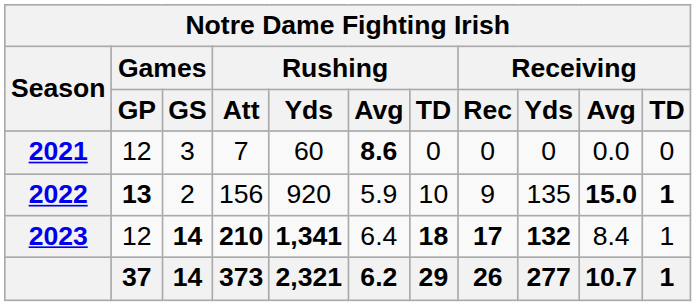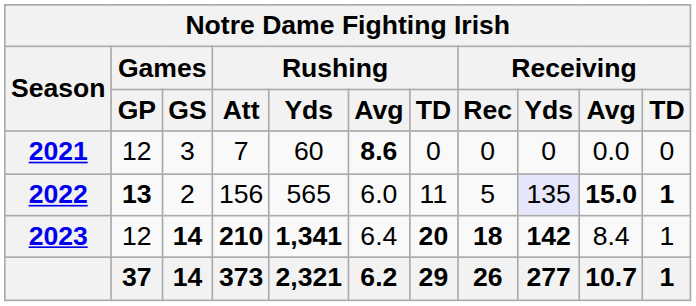 <table class="wikitable" style="text-align:center;">
 <tr>
 <th colspan="15">Notre Dame Fighting Irish</th>
 </tr>
 <tr>
 <th rowspan="2">Season</th>
 <th colspan="2">Games</th>
 <th colspan="4">Rushing</th>
 <th colspan="4">Receiving</th>
 </tr>
 <tr>
 <th>GP</th>
 <th>GS</th>
 <th>Att</th>
 <th>Yds</th>
 <th>Avg</th>
 <th>TD</th>
 <th>Rec</th>
 <th>Yds</th>
 <th>Avg</th>
 <th>TD</th>
 </tr>
 <tr>
 <th><a href='#'>2021</a></th>
 <td>12</td>
 <td>3</td>
 <td>7</td>
 <td>60</td>
 <td><strong>8.6</strong></td>
 <td>0</td>
 <td>0</td>
 <td>0</td>
 <td>0.0</td>
 <td>0</td>
 </tr>
 <tr>
 <th><a href='#'>2022</a></th>
 <td><strong>13</strong></td>
 <td>2</td>
 <td>156</td>
-<td>920</td>
-<td>5.9</td>
-<td>10</td>
-<td>9</td>
-<td>135</td>
+<td>565</td>
+<td>6.0</td>
+<td>11</td>
+<td>5</td>
+<td style="background: lavender;">135</td>
 <td><strong>15.0</strong></td>
 <td><strong>1</strong></td>
 </tr>
 <tr>
 <th><a href='#'>2023</a></th>
 <td>12</td>
 <td><strong>14</strong></td>
 <td><strong>210</strong></td>
 <td><strong>1,341</strong></td>
 <td>6.4</td>
+<td><strong>20</strong></td>
 <td><strong>18</strong></td>
-<td><strong>17</strong></td>
-<td><strong>132</strong></td>
+<td><strong>142</strong></td>
 <td>8.4</td>
 <td>1</td>
 </tr>
 <tr>
 <th></th>
 <th>37</th>
 <th>14</th>
 <th>373</th>
 <th>2,321</th>
 <th>6.2</th>
 <th>29</th>
 <th>26</th>
 <th>277</th>
 <th>10.7</th>
 <th>1</th>
 </tr>
 </table>
